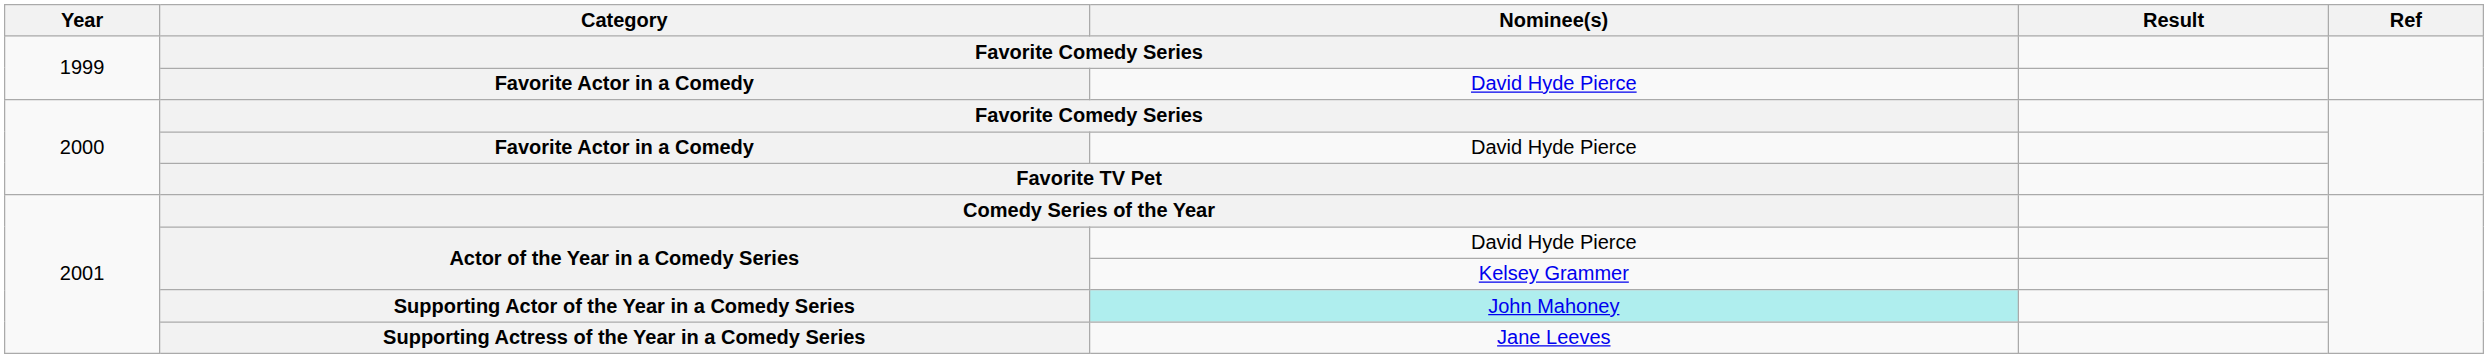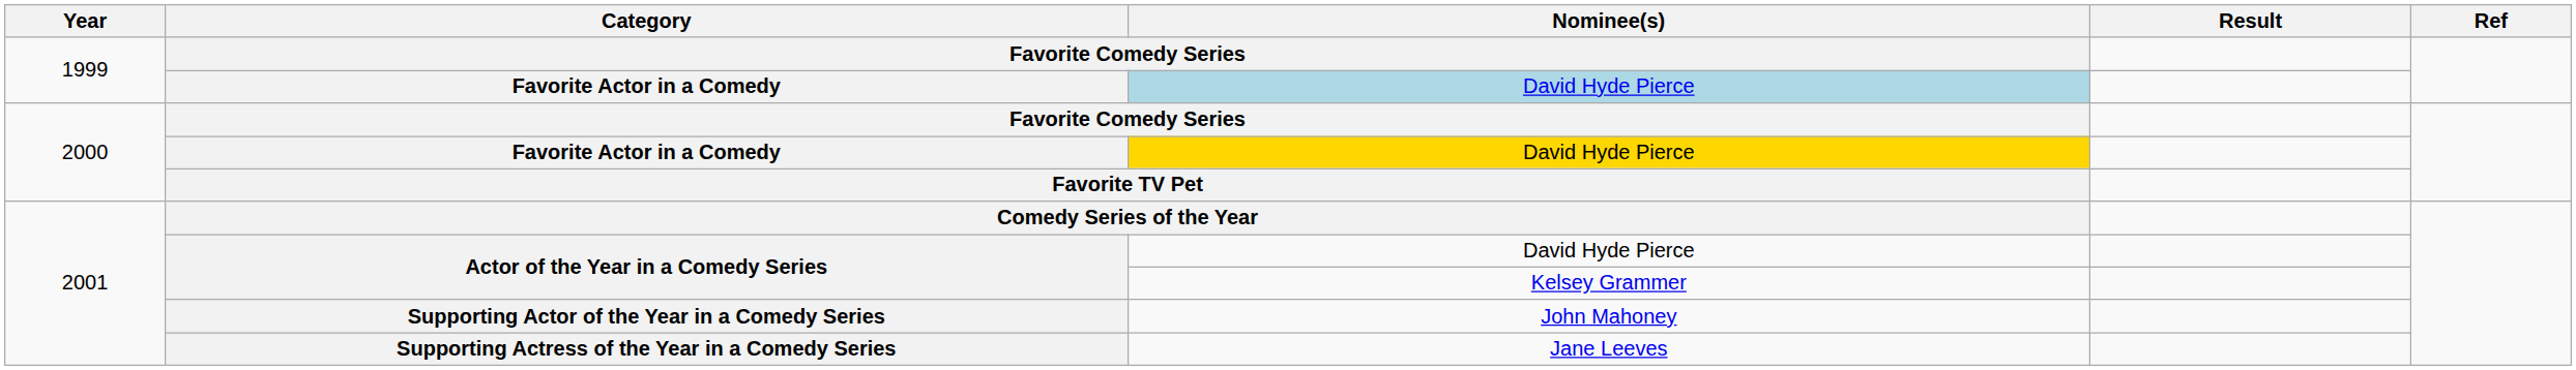 <table class="wikitable plainrowheaders" style="font-size: 100%; text-align:center" width=100%>
 <tr>
 <th scope="col" width="5%">Year</th>
 <th scope="col" width="30%">Category</th>
 <th scope="col" width="30%">Nominee(s)</th>
 <th scope="col" width="10%">Result</th>
 <th scope="col" width="5%">Ref</th>
 </tr>
 <tr>
 <td rowspan="2">1999</td>
 <th scope="row" style="text-align:center" colspan="2">Favorite Comedy Series</th>
 <td></td>
 <td rowspan="2"></td>
 </tr>
 <tr>
 <th scope="row" style="text-align:center">Favorite Actor in a Comedy</th>
-<td><a href='#'>David Hyde Pierce</a></td>
+<td style="background: lightblue;"><a href='#'>David Hyde Pierce</a></td>
 <td></td>
 </tr>
 <tr>
 <td rowspan="3">2000</td>
 <th scope="row" style="text-align:center" colspan="2">Favorite Comedy Series</th>
 <td></td>
 <td rowspan="3"></td>
 </tr>
 <tr>
 <th scope="row" style="text-align:center">Favorite Actor in a Comedy</th>
-<td>David Hyde Pierce</td>
+<td style="background: gold;">David Hyde Pierce</td>
 <td></td>
 </tr>
 <tr>
 <th scope="row" style="text-align:center" colspan="2">Favorite TV Pet</th>
 <td></td>
 </tr>
 <tr>
 <td rowspan="5">2001</td>
 <th scope="row" style="text-align:center" colspan="2">Comedy Series of the Year</th>
 <td></td>
 <td rowspan="5"></td>
 </tr>
 <tr>
 <th scope="row" style="text-align:center" rowspan="2">Actor of the Year in a Comedy Series</th>
 <td>David Hyde Pierce</td>
 <td></td>
 </tr>
 <tr>
 <td><a href='#'>Kelsey Grammer</a></td>
 <td></td>
 </tr>
 <tr>
 <th scope="row" style="text-align:center">Supporting Actor of the Year in a Comedy Series</th>
-<td style="background: paleturquoise;"><a href='#'>John Mahoney</a></td>
+<td><a href='#'>John Mahoney</a></td>
 <td></td>
 </tr>
 <tr>
 <th scope="row" style="text-align:center">Supporting Actress of the Year in a Comedy Series</th>
 <td><a href='#'>Jane Leeves</a></td>
 <td></td>
 </tr>
 </table>
